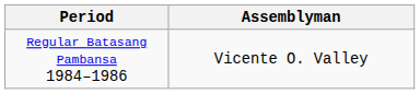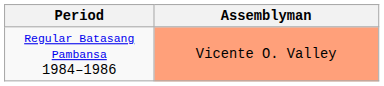 <table class="wikitable" style="text-align:center; width:40%;">
 <tr>
 <th width="40%">Period</th>
 <th>Assemblyman</th>
 </tr>
 <tr>
 <td><small><a href='#'>Regular Batasang Pambansa</a></small><br>1984–1986</td>
-<td>Vicente O. Valley</td>
+<td style="background: lightsalmon;">Vicente O. Valley</td>
 </tr>
 </table>
